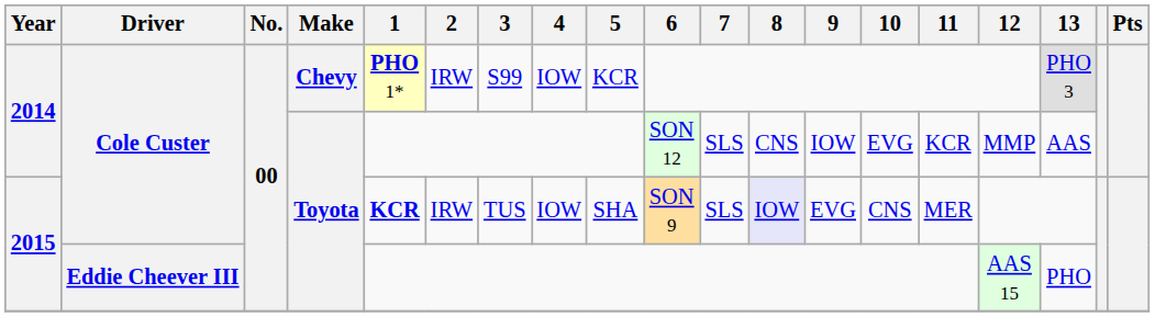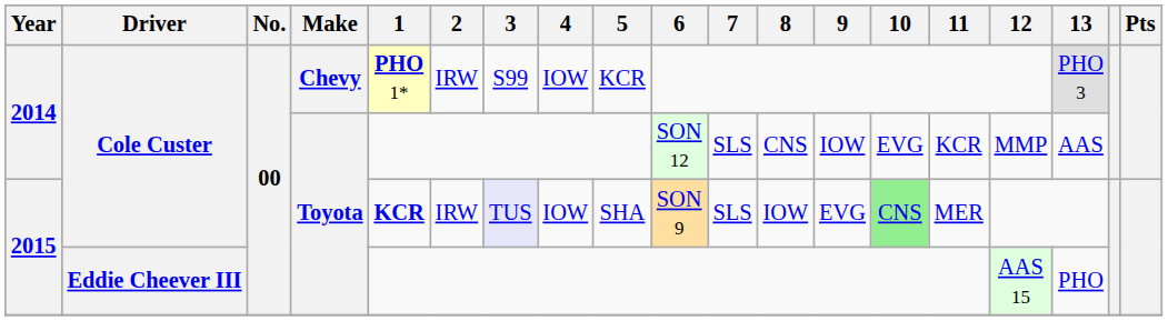 <table class="wikitable" style="text-align:center; font-size:75%">
 <tr>
 <th>Year</th>
 <th>Driver</th>
 <th>No.</th>
 <th>Make</th>
 <th>1</th>
 <th>2</th>
 <th>3</th>
 <th>4</th>
 <th>5</th>
 <th>6</th>
 <th>7</th>
 <th>8</th>
 <th>9</th>
 <th>10</th>
 <th>11</th>
 <th>12</th>
 <th>13</th>
 <th></th>
 <th>Pts</th>
 </tr>
 <tr>
 <th rowspan=2><a href='#'>2014</a></th>
 <th rowspan=3><a href='#'>Cole Custer</a></th>
 <th rowspan=4>00</th>
 <th><a href='#'>Chevy</a></th>
 <td style="background:#FFFFBF;"><strong><a href='#'>PHO</a></strong><br><small>1*</small></td>
 <td><a href='#'>IRW</a></td>
 <td><a href='#'>S99</a></td>
 <td><a href='#'>IOW</a></td>
 <td><a href='#'>KCR</a></td>
 <td colspan=7></td>
 <td style="background:#DFDFDF;"><a href='#'>PHO</a><br><small>3</small></td>
 <th rowspan=2></th>
 <th rowspan=2></th>
 </tr>
 <tr>
 <th rowspan=3><a href='#'>Toyota</a></th>
 <td colspan=5></td>
 <td style="background:#DFFFDF;"><a href='#'>SON</a><br><small>12</small></td>
 <td><a href='#'>SLS</a></td>
 <td><a href='#'>CNS</a></td>
 <td><a href='#'>IOW</a></td>
 <td><a href='#'>EVG</a></td>
 <td><a href='#'>KCR</a></td>
 <td><a href='#'>MMP</a></td>
 <td><a href='#'>AAS</a></td>
 </tr>
 <tr>
 <th rowspan=2><a href='#'>2015</a></th>
 <td><strong><a href='#'>KCR</a></strong></td>
 <td><a href='#'>IRW</a></td>
-<td><a href='#'>TUS</a></td>
+<td style="background: lavender;"><a href='#'>TUS</a></td>
 <td><a href='#'>IOW</a></td>
 <td><a href='#'>SHA</a></td>
 <td style="background:#FFDF9F;"><a href='#'>SON</a><br><small>9</small></td>
 <td><a href='#'>SLS</a></td>
-<td style="background: lavender;"><a href='#'>IOW</a></td>
+<td><a href='#'>IOW</a></td>
 <td><a href='#'>EVG</a></td>
-<td><a href='#'>CNS</a></td>
+<td style="background: lightgreen;"><a href='#'>CNS</a></td>
 <td><a href='#'>MER</a></td>
 <td colspan=2></td>
 <th rowspan=2></th>
 <th rowspan=2></th>
 </tr>
 <tr>
 <th><a href='#'>Eddie Cheever III</a></th>
 <td colspan=11></td>
 <td style="background:#DFFFDF;"><a href='#'>AAS</a><br><small>15</small></td>
 <td><a href='#'>PHO</a></td>
 </tr>
 <tr>
 </tr>
 </table>
